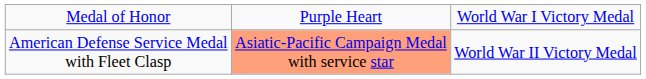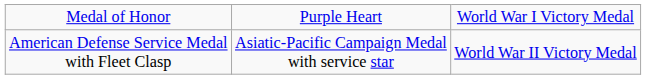 <table class="wikitable" style="margin:1em auto; text-align:center;">
 <tr>
 <td><a href='#'>Medal of Honor</a></td>
 <td><a href='#'>Purple Heart</a></td>
 <td><a href='#'>World War I Victory Medal</a></td>
 </tr>
 <tr>
 <td><a href='#'>American Defense Service Medal</a><br> with Fleet Clasp</td>
-<td style="background: lightsalmon;"><a href='#'>Asiatic-Pacific Campaign Medal</a><br> with service <a href='#'>star</a></td>
+<td><a href='#'>Asiatic-Pacific Campaign Medal</a><br> with service <a href='#'>star</a></td>
 <td><a href='#'>World War II Victory Medal</a></td>
 </tr>
 </table>
